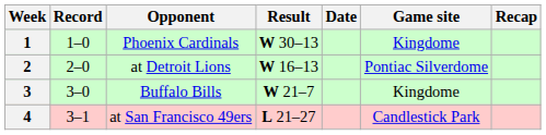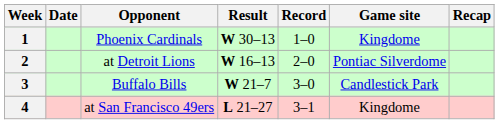 <table class="wikitable" style="text-align:center">
 <tr>
 <th>Week</th>
-<th>Record</th>
+<th>Date</th>
 <th>Opponent</th>
 <th>Result</th>
-<th>Date</th>
+<th>Record</th>
 <th>Game site</th>
 <th>Recap</th>
 </tr>
 <tr style="background:#cfc">
 <th>1</th>
-<td>1–0</td>
+<td></td>
 <td><a href='#'>Phoenix Cardinals</a></td>
 <td><strong>W</strong> 30–13</td>
-<td></td>
+<td>1–0</td>
 <td><a href='#'>Kingdome</a></td>
 <td></td>
 </tr>
 <tr style="background:#cfc">
 <th>2</th>
-<td>2–0</td>
+<td></td>
 <td>at <a href='#'>Detroit Lions</a></td>
 <td><strong>W</strong> 16–13 </td>
-<td></td>
+<td>2–0</td>
 <td><a href='#'>Pontiac Silverdome</a></td>
 <td></td>
 </tr>
 <tr style="background:#cfc">
 <th>3</th>
-<td>3–0</td>
+<td></td>
 <td><a href='#'>Buffalo Bills</a></td>
 <td><strong>W</strong> 21–7</td>
-<td></td>
-<td>Kingdome</td>
+<td>3–0</td>
+<td><a href='#'>Candlestick Park</a></td>
 <td></td>
 </tr>
 <tr style="background:#fcc">
 <th>4</th>
-<td>3–1</td>
+<td></td>
 <td>at <a href='#'>San Francisco 49ers</a></td>
 <td><strong>L</strong> 21–27</td>
-<td></td>
-<td><a href='#'>Candlestick Park</a></td>
+<td>3–1</td>
+<td>Kingdome</td>
 <td></td>
 </tr>
 </table>
